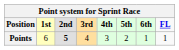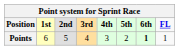 <table class="wikitable" style="font-size:85%; text-align:center">
 <tr>
 <th colspan="8">Point system for Sprint Race</th>
 </tr>
 <tr>
 <th>Position</th>
 <td style="background:#ffffbf;"> <strong>1st</strong> </td>
 <td style="background:#dfdfdf;"> <strong>2nd</strong> </td>
 <td style="background:#ffdf9f;"> <strong>3rd</strong> </td>
 <td style="background:#dfffdf;"> <strong>4th</strong> </td>
 <td style="background:#dfffdf;"> <strong>5th</strong> </td>
 <td style="background:#dfffdf;"> <strong>6th</strong> </td>
 <td> <strong><a href='#'>FL</a></strong> </td>
 </tr>
 <tr>
 <th>Points</th>
 <td style="background:#ffffbf;">6</td>
-<td style="background:#dfdfdf;"><strong>5</strong></td>
+<td style="background:#dfdfdf;">5</td>
 <td style="background:#ffdf9f;">4</td>
 <td style="background:#dfffdf;">3</td>
 <td style="background:#dfffdf;">2</td>
-<td style="background:#dfffdf;">1</td>
+<td style="background:#dfffdf;"><strong>1</strong></td>
 <td>1</td>
 </tr>
 </table>
